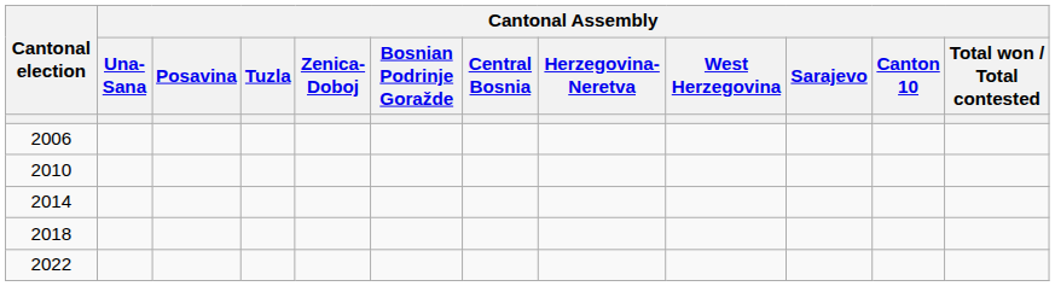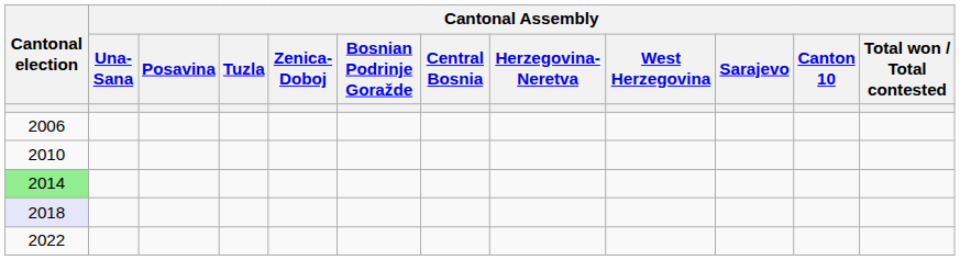 <table class="wikitable collapsible collapsed" style="text-align:center; width:72%; line-height:126%; margin-bottom:0">
 <tr>
 <th rowspan=2>Cantonal election</th>
 <th colspan=14>Cantonal Assembly</th>
 </tr>
 <tr>
 <th><a href='#'>Una-Sana</a></th>
 <th><a href='#'>Posavina</a></th>
 <th><a href='#'>Tuzla</a></th>
 <th><a href='#'>Zenica-Doboj</a></th>
 <th><a href='#'>Bosnian Podrinje Goražde</a></th>
 <th><a href='#'>Central Bosnia</a></th>
 <th><a href='#'>Herzegovina-Neretva</a></th>
 <th><a href='#'>West Herzegovina</a></th>
 <th><a href='#'>Sarajevo</a></th>
 <th><a href='#'>Canton 10</a></th>
 <th>Total won / Total contested</th>
 </tr>
 <tr>
 <th></th>
 <th></th>
 <th></th>
 <th></th>
 <th></th>
 <th></th>
 <th></th>
 <th></th>
 <th></th>
 <th></th>
 <th></th>
 <th></th>
 </tr>
 <tr>
 <td>2006</td>
 <td></td>
 <td></td>
 <td></td>
 <td></td>
 <td></td>
 <td></td>
 <td></td>
 <td></td>
 <td></td>
 <td></td>
 <td></td>
 </tr>
 <tr>
 <td>2010</td>
 <td></td>
 <td></td>
 <td></td>
 <td></td>
 <td></td>
 <td></td>
 <td></td>
 <td></td>
 <td></td>
 <td></td>
 <td></td>
 </tr>
 <tr>
-<td>2014</td>
+<td style="background: lightgreen;">2014</td>
 <td></td>
 <td></td>
 <td></td>
 <td></td>
 <td></td>
 <td></td>
 <td></td>
 <td></td>
 <td></td>
 <td></td>
 <td></td>
 </tr>
 <tr>
-<td>2018</td>
+<td style="background: lavender;">2018</td>
 <td></td>
 <td></td>
 <td></td>
 <td></td>
 <td></td>
 <td></td>
 <td></td>
 <td></td>
 <td></td>
 <td></td>
 <td></td>
 </tr>
 <tr>
 <td>2022</td>
 <td></td>
 <td></td>
 <td></td>
 <td></td>
 <td></td>
 <td></td>
 <td></td>
 <td></td>
 <td></td>
 <td></td>
 <td></td>
 </tr>
 </table>
